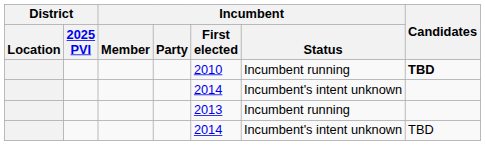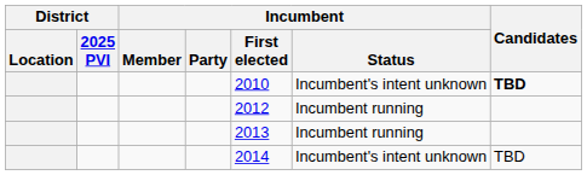 <table class="wikitable sortable">
 <tr>
 <th colspan=2>District</th>
 <th colspan=4>Incumbent</th>
 <th rowspan=2 class="unsortable">Candidates</th>
 </tr>
 <tr valign=bottom>
 <th>Location</th>
 <th><a href='#'>2025<br>PVI</a></th>
 <th>Member</th>
 <th>Party</th>
 <th>First<br>elected</th>
 <th>Status</th>
 </tr>
 <tr>
 <th></th>
 <td></td>
 <td></td>
 <td></td>
 <td><a href='#'>2010</a></td>
-<td>Incumbent running</td>
+<td>Incumbent's intent unknown</td>
 <td><strong>TBD</strong></td>
 </tr>
 <tr>
 <th></th>
 <td></td>
 <td></td>
 <td></td>
-<td><a href='#'>2014</a></td>
-<td>Incumbent's intent unknown</td>
+<td><a href='#'>2012</a></td>
+<td>Incumbent running</td>
 <td></td>
 </tr>
 <tr>
 <th></th>
 <td></td>
 <td></td>
 <td></td>
 <td><a href='#'>2013</a></td>
 <td>Incumbent running</td>
 <td></td>
 </tr>
 <tr>
 <th></th>
 <td></td>
 <td></td>
 <td></td>
 <td><a href='#'>2014</a></td>
 <td>Incumbent's intent unknown</td>
 <td>TBD</td>
 </tr>
 </table>
